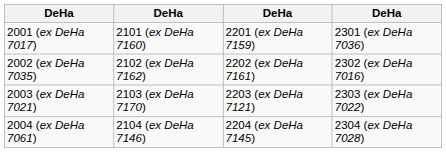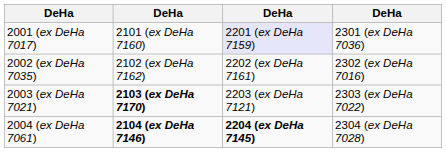 <table class="wikitable">
 <tr>
 <th>DeHa</th>
 <th>DeHa</th>
 <th>DeHa</th>
 <th>DeHa</th>
 </tr>
 <tr>
 <td>2001 (<em>ex DeHa 7017</em>)</td>
 <td>2101 (<em>ex DeHa 7160</em>)</td>
-<td>2201 (<em>ex DeHa 7159</em>)</td>
+<td style="background: lavender;">2201 (<em>ex DeHa 7159</em>)</td>
 <td>2301 (<em>ex DeHa 7036</em>)</td>
 </tr>
 <tr>
 <td>2002 (<em>ex DeHa 7035</em>)</td>
 <td>2102 (<em>ex DeHa 7162</em>)</td>
 <td>2202 (<em>ex DeHa 7161</em>)</td>
 <td>2302 (<em>ex DeHa 7016</em>)</td>
 </tr>
 <tr>
 <td>2003 (<em>ex DeHa 7021</em>)</td>
-<td>2103 (<em>ex DeHa 7170</em>)</td>
+<td><strong>2103 (<em>ex DeHa 7170</em>)</strong></td>
 <td>2203 (<em>ex DeHa 7121</em>)</td>
 <td>2303 (<em>ex DeHa 7022</em>)</td>
 </tr>
 <tr>
 <td>2004 (<em>ex DeHa 7061</em>)</td>
-<td>2104 (<em>ex DeHa 7146</em>)</td>
-<td>2204 (<em>ex DeHa 7145</em>)</td>
+<td><strong>2104 (<em>ex DeHa 7146</em>)</strong></td>
+<td><strong>2204 (<em>ex DeHa 7145</em>)</strong></td>
 <td>2304 (<em>ex DeHa 7028</em>)</td>
 </tr>
 </table>
